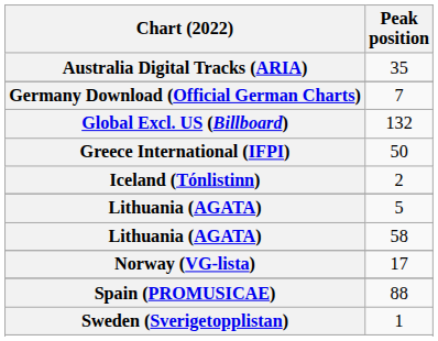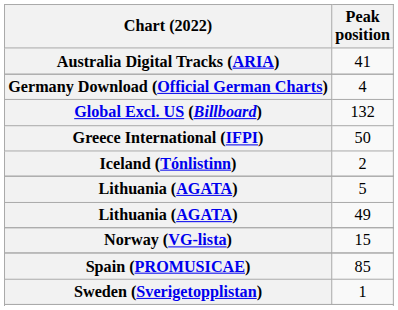 <table class="wikitable sortable plainrowheaders" style="text-align:center">
 <tr>
 <th scope="col">Chart (2022)</th>
 <th scope="col">Peak<br>position</th>
 </tr>
 <tr>
 <th scope="row">Australia Digital Tracks (<a href='#'>ARIA</a>)</th>
-<td>35</td>
+<td>41</td>
 </tr>
 <tr>
 </tr>
 <tr>
 <th scope="row">Germany Download (<a href='#'>Official German Charts</a>)</th>
-<td>7</td>
+<td>4</td>
 </tr>
 <tr>
 <th scope="row"><a href='#'>Global Excl. US</a> (<em><a href='#'>Billboard</a></em>)</th>
 <td>132</td>
 </tr>
 <tr>
 <th scope="row">Greece International (<a href='#'>IFPI</a>)</th>
 <td>50</td>
 </tr>
 <tr>
 <th scope="row">Iceland (<a href='#'>Tónlistinn</a>)</th>
 <td>2</td>
 </tr>
 <tr>
 </tr>
 <tr>
 <th scope="row">Lithuania (<a href='#'>AGATA</a>)</th>
 <td>5</td>
 </tr>
 <tr>
 <th scope="row">Lithuania (<a href='#'>AGATA</a>) <br></th>
-<td>58</td>
+<td>49</td>
 </tr>
 <tr>
 </tr>
 <tr>
 <th scope="row">Norway (<a href='#'>VG-lista</a>)</th>
-<td>17</td>
+<td>15</td>
 </tr>
 <tr>
 </tr>
 <tr>
 <th scope="row">Spain (<a href='#'>PROMUSICAE</a>)</th>
-<td>88</td>
+<td>85</td>
 </tr>
 <tr>
 <th scope="row">Sweden (<a href='#'>Sverigetopplistan</a>)</th>
 <td>1</td>
 </tr>
 <tr>
 </tr>
 <tr>
 </tr>
 </table>
